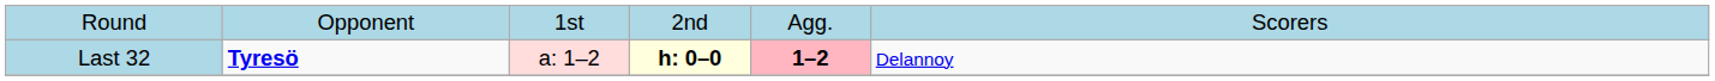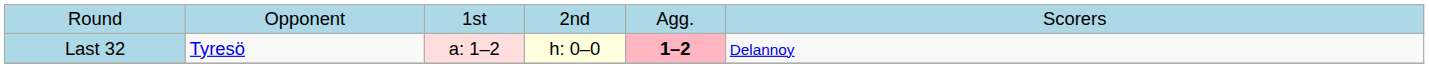 <table class="wikitable" style="text-align:center">
 <tr bgcolor=lightblue>
 <td width=150px>Round</td>
 <td width=200px>Opponent</td>
 <td width=80px>1st</td>
 <td width=80px>2nd</td>
 <td width=80px>Agg.</td>
 <td width=600px>Scorers</td>
 </tr>
 <tr>
 <td bgcolor=lightblue>Last 32</td>
-<td align=left><strong> <a href='#'>Tyresö</a></strong></td>
+<td align=left> <a href='#'>Tyresö</a></td>
 <td bgcolor="#ffdddd">a: 1–2</td>
-<td bgcolor="#ffffdd"><strong>h: 0–0</strong></td>
+<td bgcolor="#ffffdd">h: 0–0</td>
 <td bgcolor=lightpink><strong>1–2</strong></td>
 <td align=left><small><a href='#'>Delannoy</a></small></td>
 </tr>
 <tr>
 </tr>
 </table>
